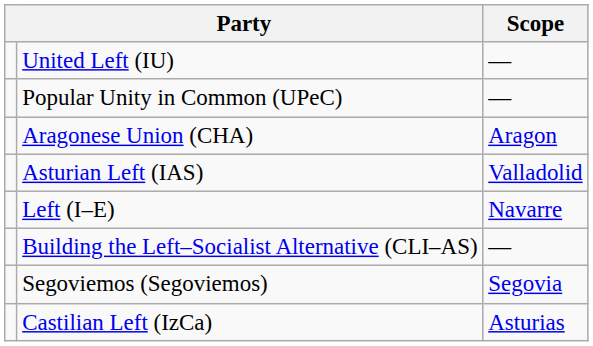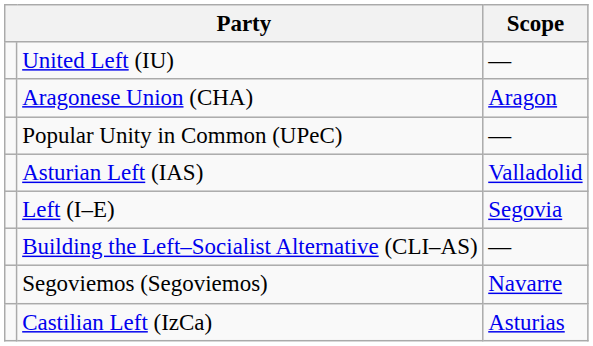 <table class="wikitable" style="text-align:left; font-size:97%;">
 <tr>
 <th colspan="2">Party</th>
 <th>Scope</th>
 </tr>
 <tr>
 <td width="1"></td>
 <td><a href='#'>United Left</a> (IU)</td>
 <td>—</td>
 </tr>
 <tr>
 <td></td>
-<td>Popular Unity in Common (UPeC)</td>
-<td>—</td>
+<td><a href='#'>Aragonese Union</a> (CHA)</td>
+<td><a href='#'>Aragon</a></td>
 </tr>
 <tr>
 <td></td>
-<td><a href='#'>Aragonese Union</a> (CHA)</td>
-<td><a href='#'>Aragon</a></td>
+<td>Popular Unity in Common (UPeC)</td>
+<td>—</td>
 </tr>
 <tr>
 <td></td>
 <td><a href='#'>Asturian Left</a> (IAS)</td>
 <td><a href='#'>Valladolid</a></td>
 </tr>
 <tr>
 <td></td>
 <td><a href='#'>Left</a> (I–E)</td>
-<td><a href='#'>Navarre</a></td>
+<td><a href='#'>Segovia</a></td>
 </tr>
 <tr>
 <td></td>
 <td><a href='#'>Building the Left–Socialist Alternative</a> (CLI–AS)</td>
 <td>—</td>
 </tr>
 <tr>
 <td></td>
 <td>Segoviemos (Segoviemos)</td>
-<td><a href='#'>Segovia</a></td>
+<td><a href='#'>Navarre</a></td>
 </tr>
 <tr>
 <td></td>
 <td><a href='#'>Castilian Left</a> (IzCa)</td>
 <td><a href='#'>Asturias</a></td>
 </tr>
 </table>
